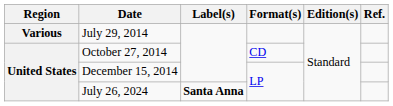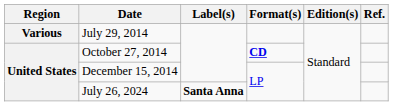 <table class="wikitable plainrowheaders">
 <tr>
 <th scope="col">Region</th>
 <th scope="col">Date</th>
 <th scope="col">Label(s)</th>
 <th scope="col">Format(s)</th>
 <th scope="col">Edition(s)</th>
 <th scope="col">Ref.</th>
 </tr>
 <tr>
 <th scope="row">Various</th>
 <td>July 29, 2014</td>
 <td rowspan="3"></td>
 <td></td>
 <td rowspan="4">Standard</td>
 <td style="text-align: center"></td>
 </tr>
 <tr>
 <th scope="row" rowspan="3">United States</th>
 <td>October 27, 2014</td>
-<td><a href='#'>CD</a></td>
+<td><strong><a href='#'>CD</a></strong></td>
 <td style="text-align: center"></td>
 </tr>
 <tr>
 <td>December 15, 2014</td>
 <td rowspan="2"><a href='#'>LP</a></td>
 <td style="text-align: center"></td>
 </tr>
 <tr>
 <td>July 26, 2024</td>
 <td><strong>Santa Anna</strong></td>
 <td style="text-align: center"></td>
 </tr>
 </table>
